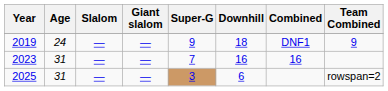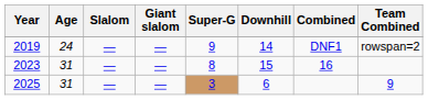 <table class=wikitable style="text-align:center">
 <tr>
 <th>  Year  </th>
 <th> Age </th>
 <th> Slalom </th>
 <th> Giant <br> slalom </th>
 <th>Super-G</th>
 <th>Downhill</th>
 <th>Combined</th>
 <th>Team<br>Combined</th>
 </tr>
 <tr>
 </tr>
 <tr>
 <td><a href='#'>2019</a></td>
 <td><em>24</em></td>
 <td><a href='#'>—</a></td>
 <td><a href='#'>—</a></td>
 <td><a href='#'>9</a></td>
-<td><a href='#'>18</a></td>
+<td><a href='#'>14</a></td>
 <td><a href='#'>DNF1</a></td>
-<td><a href='#'>9</a></td>
+<td>rowspan=2</td>
 </tr>
 <tr>
 <td><a href='#'>2023</a></td>
 <td><em>31</em></td>
 <td><a href='#'>—</a></td>
 <td><a href='#'>—</a></td>
-<td><a href='#'>7</a></td>
-<td><a href='#'>16</a></td>
+<td><a href='#'>8</a></td>
+<td><a href='#'>15</a></td>
 <td><a href='#'>16</a></td>
 </tr>
 <tr>
 <td><a href='#'>2025</a></td>
 <td><em>31</em></td>
 <td><a href='#'>—</a></td>
 <td><a href='#'>—</a></td>
 <td style="background:#c96;"><a href='#'>3</a></td>
 <td><a href='#'>6</a></td>
 <td></td>
-<td>rowspan=2</td>
+<td><a href='#'>9</a></td>
 </tr>
 </table>
